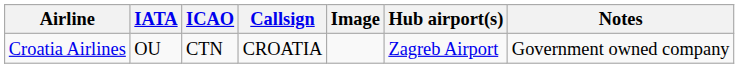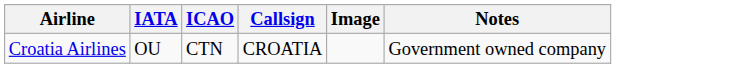 <table class="wikitable sortable" style="border: 0; cellpadding: 2; cellspacing: 3;">
 <tr valign="middle">
 <th>Airline</th>
 <th><a href='#'>IATA</a></th>
 <th><a href='#'>ICAO</a></th>
 <th><a href='#'>Callsign</a></th>
 <th>Image</th>
-<th>Hub airport(s)</th>
 <th class="unsortable">Notes</th>
 </tr>
 <tr>
 <td><a href='#'>Croatia Airlines</a></td>
 <td>OU</td>
 <td>CTN</td>
 <td>CROATIA</td>
 <td></td>
-<td><a href='#'>Zagreb Airport</a></td>
 <td>Government owned company</td>
 </tr>
 </table>
